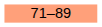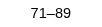 <table style="text-align:center">
 <tr>
 <th width=200></th>
 <th width=100></th>
 <th width=200></th>
 </tr>
 <tr>
 <td align=right></td>
-<td style="background: lightsalmon;">71–89</td>
+<td>71–89</td>
 <td align=left></td>
 </tr>
 </table>
